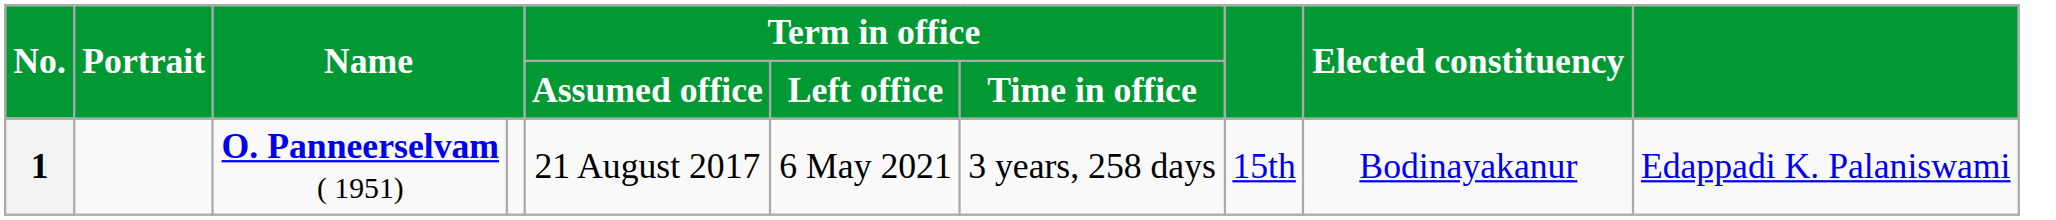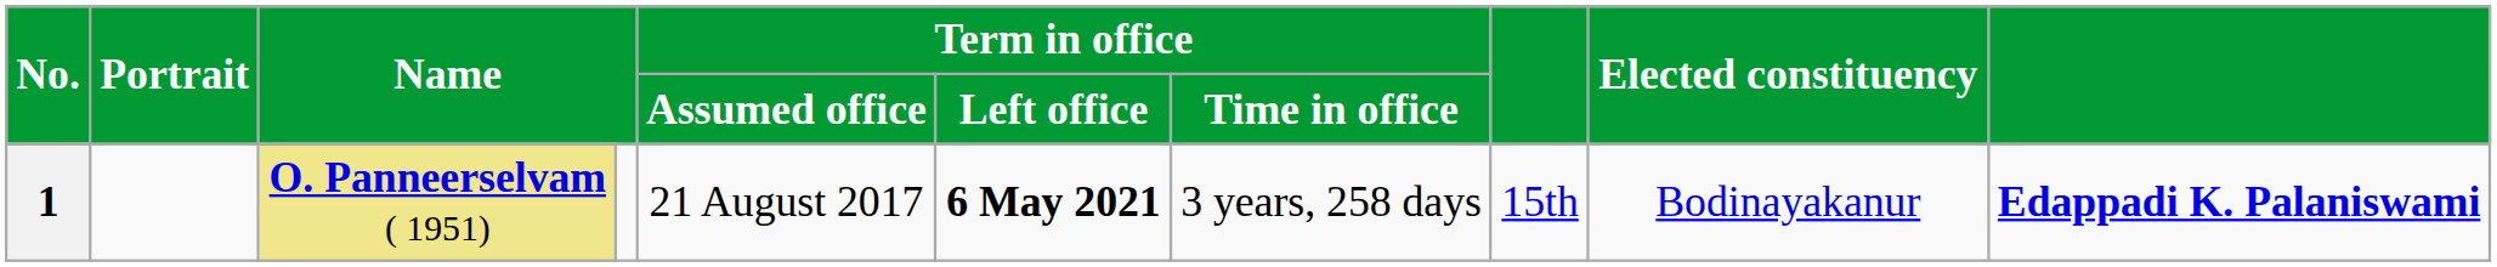 <table class="wikitable sortable" style="text-align:center;">
 <tr>
 <th rowspan=2 style="background-color:#009933;color:white">No.</th>
 <th rowspan=2 style="background-color:#009933;color:white">Portrait</th>
 <th rowspan=2 colspan=2 style="background-color:#009933;color:white">Name<br></th>
 <th colspan=3 style="background-color:#009933;color:white">Term in office</th>
 <th rowspan=2 style="background-color:#009933;color:white"><a href='#'></a><br></th>
 <th rowspan=2 style="background-color:#009933;color:white">Elected constituency</th>
 <th rowspan=2 style="background-color:#009933;color:white"><a href='#'></a></th>
 </tr>
 <tr>
 <th style="background-color:#009933;color:white">Assumed office</th>
 <th style="background-color:#009933;color:white">Left office</th>
 <th style="background-color:#009933;color:white">Time in office</th>
 </tr>
 <tr>
 <th>1</th>
 <td></td>
-<td><strong><a href='#'>O. Panneerselvam</a></strong><br><small>( 1951)</small></td>
+<td style="background: khaki;"><strong><a href='#'>O. Panneerselvam</a></strong><br><small>( 1951)</small></td>
 <td></td>
 <td>21 August 2017</td>
-<td>6 May 2021</td>
+<td><strong>6 May 2021</strong></td>
 <td>3 years, 258 days</td>
 <td><a href='#'>15th</a><br></td>
 <td><a href='#'>Bodinayakanur</a></td>
-<td><a href='#'>Edappadi K. Palaniswami</a></td>
+<td><strong><a href='#'>Edappadi K. Palaniswami</a></strong></td>
 </tr>
 </table>
